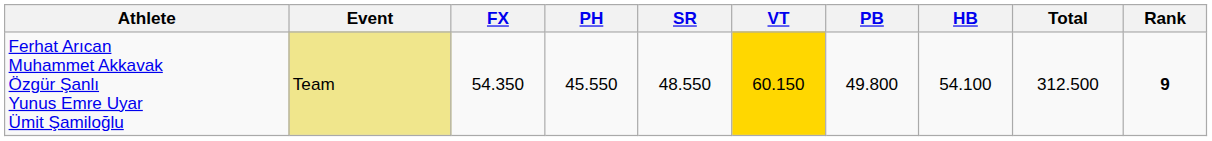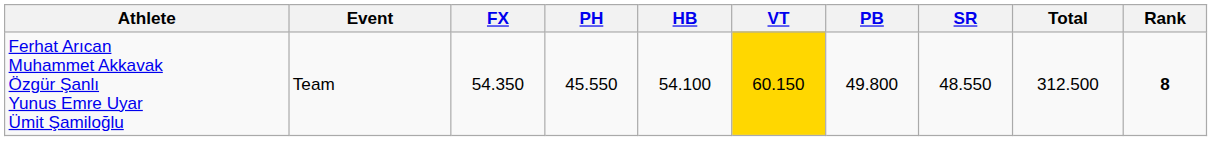 <table class="wikitable" width="80%" style="text-align:center; font-size:90%">
 <tr>
 <th width="14%">Athlete</th>
 <th width="8%">Event</th>
 <th width="4%"><a href='#'>FX</a></th>
 <th width="4%"><a href='#'>PH</a></th>
-<th width="4%"><a href='#'>SR</a></th>
+<th width="4%"><a href='#'>HB</a></th>
 <th width="4%"><a href='#'>VT</a></th>
 <th width="4%"><a href='#'>PB</a></th>
-<th width="4%"><a href='#'>HB</a></th>
+<th width="4%"><a href='#'>SR</a></th>
 <th width="5%">Total</th>
 <th width="4%">Rank</th>
 </tr>
 <tr>
 <td align="left"><a href='#'>Ferhat Arıcan</a><br><a href='#'>Muhammet Akkavak</a><br><a href='#'>Özgür Şanlı</a><br><a href='#'>Yunus Emre Uyar</a><br><a href='#'>Ümit Şamiloğlu</a></td>
-<td align="left" style="background: khaki;">Team</td>
+<td align="left">Team</td>
 <td>54.350</td>
 <td>45.550</td>
-<td>48.550</td>
+<td>54.100</td>
 <td style="background: gold;">60.150</td>
 <td>49.800</td>
-<td>54.100</td>
+<td>48.550</td>
 <td>312.500</td>
-<td><strong>9</strong></td>
+<td><strong>8</strong></td>
 </tr>
 </table>
